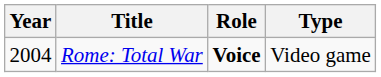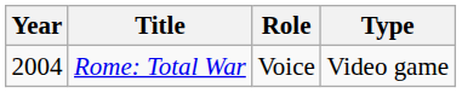 <table class="wikitable" border="1">
 <tr>
 <th>Year</th>
 <th>Title</th>
 <th>Role</th>
 <th>Type</th>
 </tr>
 <tr>
 <td>2004</td>
 <td><em><a href='#'>Rome: Total War</a></em></td>
-<td><strong>Voice</strong></td>
+<td>Voice</td>
 <td>Video game</td>
 </tr>
 </table>
